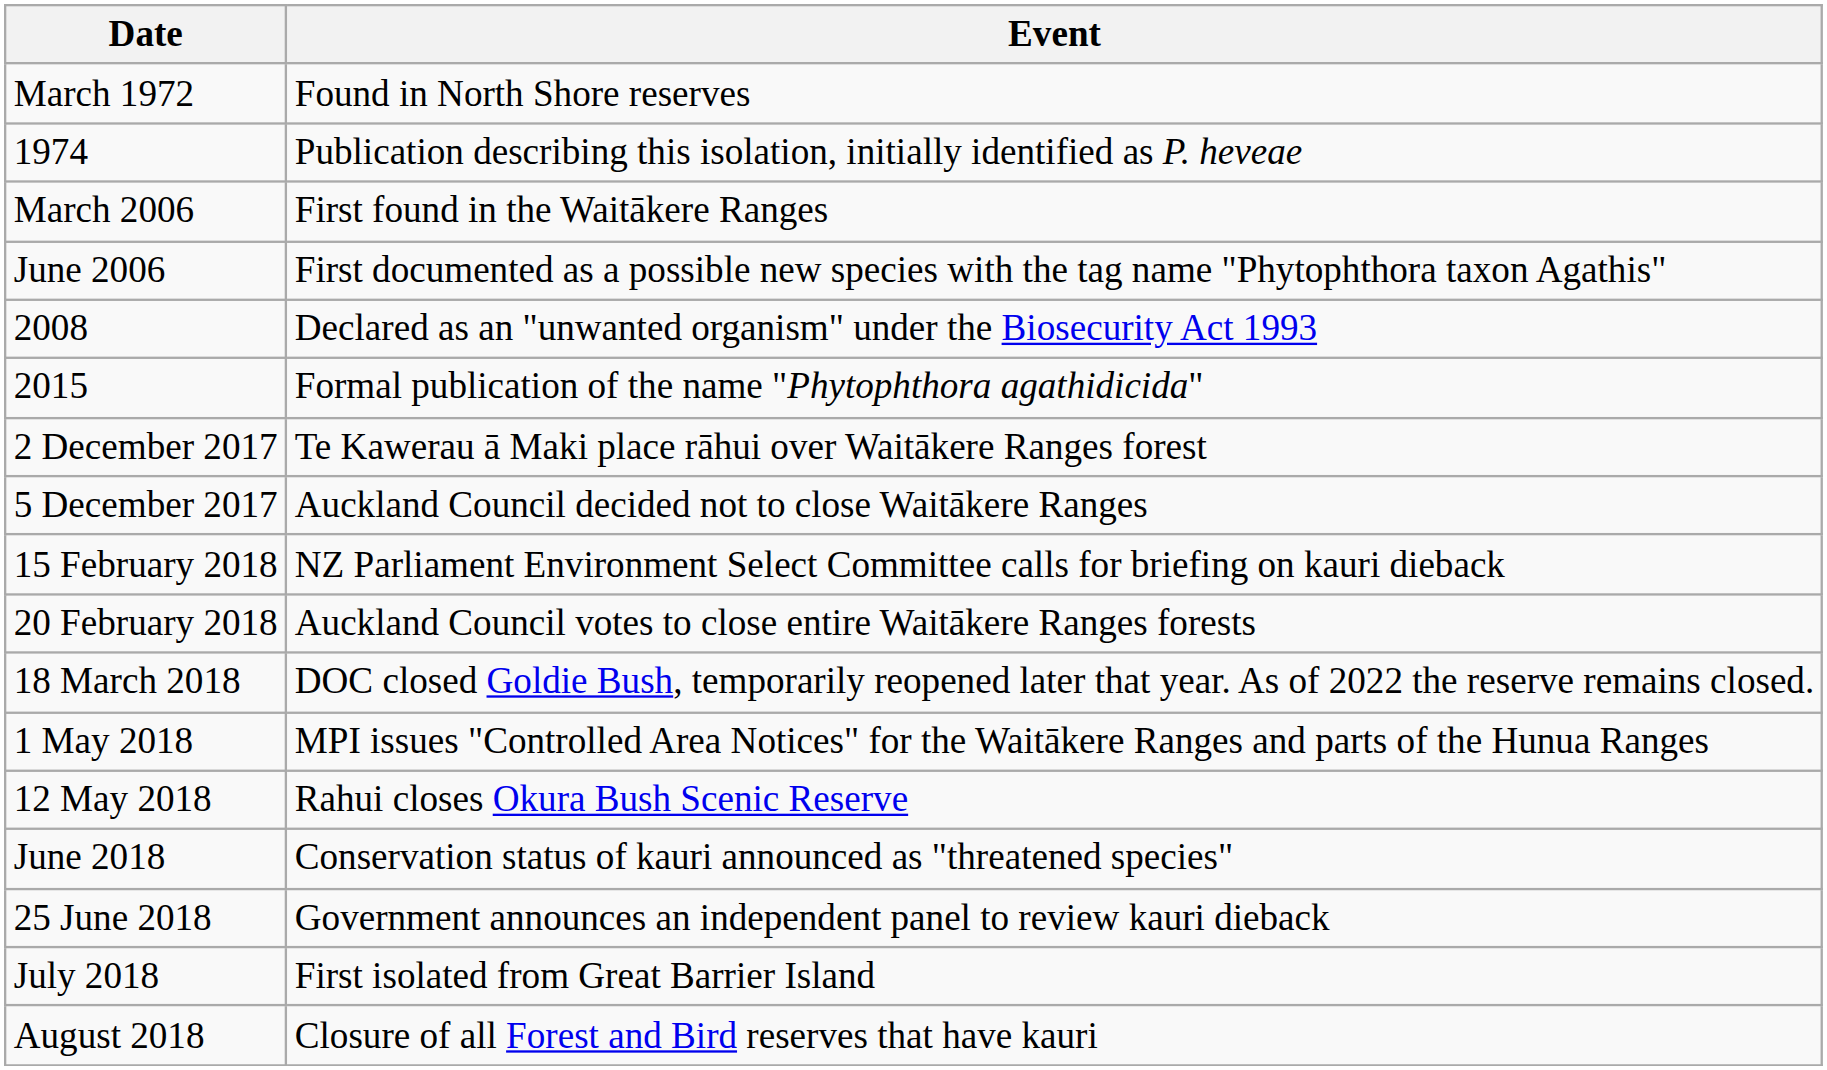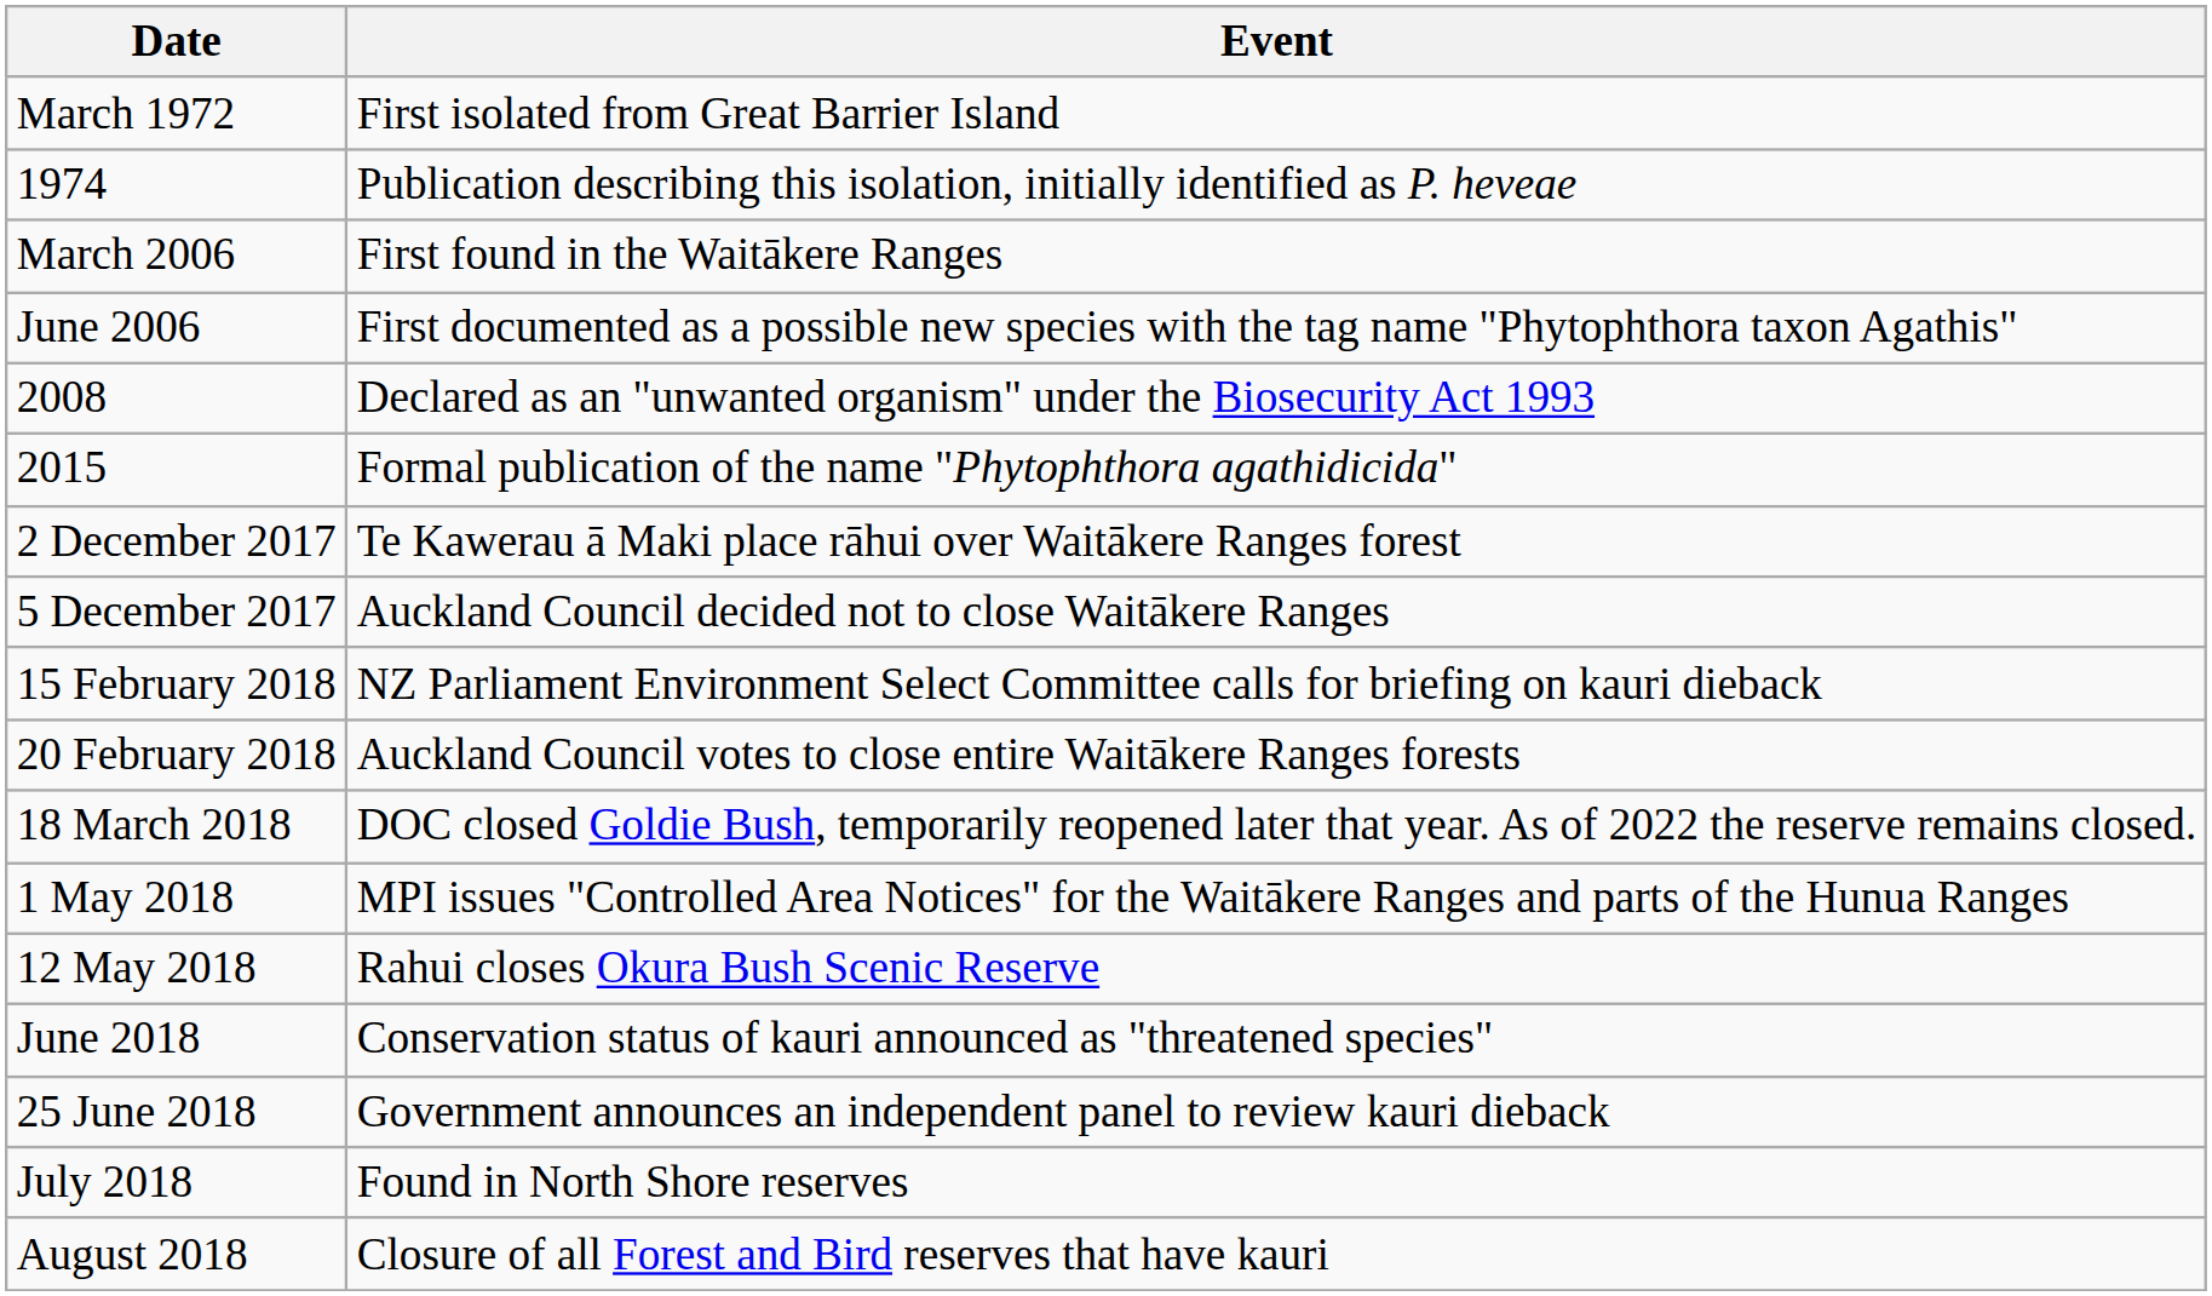 <table class="wikitable">
 <tr>
 <th>Date</th>
 <th>Event</th>
 </tr>
 <tr>
 <td>March 1972</td>
-<td>Found in North Shore reserves</td>
+<td>First isolated from Great Barrier Island</td>
 </tr>
 <tr>
 <td>1974</td>
 <td>Publication describing this isolation, initially identified as <em>P. heveae</em> </td>
 </tr>
 <tr>
 <td>March 2006</td>
 <td>First found in the Waitākere Ranges</td>
 </tr>
 <tr>
 <td>June 2006</td>
 <td>First documented as a possible new species with the tag name "Phytophthora taxon Agathis"</td>
 </tr>
 <tr>
 <td>2008</td>
 <td>Declared as an "unwanted organism" under the <a href='#'>Biosecurity Act 1993</a></td>
 </tr>
 <tr>
 <td>2015</td>
 <td>Formal publication of the name "<em>Phytophthora agathidicida</em>" </td>
 </tr>
 <tr>
 <td>2 December 2017</td>
 <td>Te Kawerau ā Maki place rāhui over Waitākere Ranges forest</td>
 </tr>
 <tr>
 <td>5 December 2017</td>
 <td>Auckland Council decided not to close Waitākere Ranges</td>
 </tr>
 <tr>
 <td>15 February 2018</td>
 <td>NZ Parliament Environment Select Committee calls for briefing on kauri dieback </td>
 </tr>
 <tr>
 <td>20 February 2018</td>
 <td>Auckland Council votes to close entire Waitākere Ranges forests</td>
 </tr>
 <tr>
 <td>18 March 2018</td>
 <td>DOC closed <a href='#'>Goldie Bush</a>, temporarily reopened later that year. As of 2022 the reserve remains closed.</td>
 </tr>
 <tr>
 <td>1 May 2018</td>
 <td>MPI issues "Controlled Area Notices" for the Waitākere Ranges and parts of the Hunua Ranges</td>
 </tr>
 <tr>
 <td>12 May 2018</td>
 <td>Rahui closes <a href='#'>Okura Bush Scenic Reserve</a></td>
 </tr>
 <tr>
 <td>June 2018</td>
 <td>Conservation status of kauri announced as "threatened species"</td>
 </tr>
 <tr>
 <td>25 June 2018</td>
 <td>Government announces an independent panel to review kauri dieback</td>
 </tr>
 <tr>
 <td>July 2018</td>
-<td>First isolated from Great Barrier Island</td>
+<td>Found in North Shore reserves</td>
 </tr>
 <tr>
 <td>August 2018</td>
 <td>Closure of all <a href='#'>Forest and Bird</a> reserves that have kauri </td>
 </tr>
 </table>
